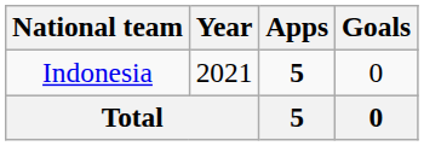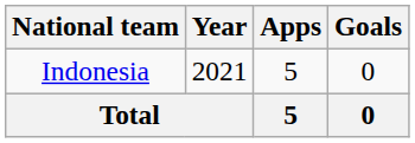 <table class="wikitable" style="text-align:center">
 <tr>
 <th>National team</th>
 <th>Year</th>
 <th>Apps</th>
 <th>Goals</th>
 </tr>
 <tr>
 <td><a href='#'>Indonesia</a></td>
 <td>2021</td>
-<td><strong>5</strong></td>
+<td>5</td>
 <td>0</td>
 </tr>
 <tr>
 <th colspan=2>Total</th>
 <th>5</th>
 <th>0</th>
 </tr>
 </table>
